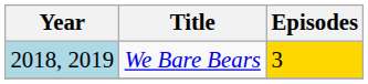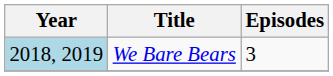 <table class="wikitable sortable">
 <tr>
 <th>Year</th>
 <th>Title</th>
 <th>Episodes</th>
 </tr>
 <tr>
 <td style="background: lightblue;">2018, 2019</td>
 <td><em><a href='#'>We Bare Bears</a></em></td>
-<td style="background: gold;">3</td>
+<td>3</td>
 </tr>
 <tr>
 </tr>
 </table>
